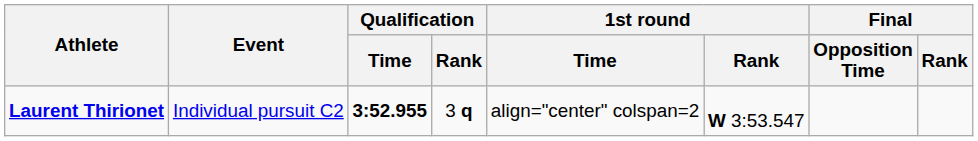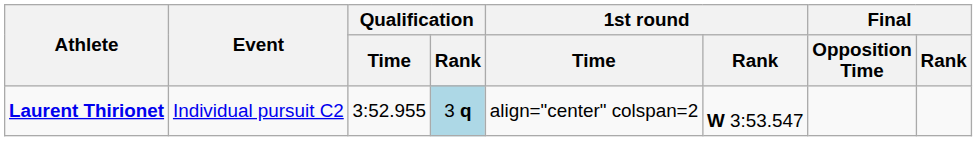 <table class=wikitable style="font-size:90%">
 <tr>
 <th rowspan="2">Athlete</th>
 <th rowspan="2">Event</th>
 <th colspan="2">Qualification</th>
 <th colspan="2">1st round</th>
 <th colspan="2">Final</th>
 </tr>
 <tr>
 <th>Time</th>
 <th>Rank</th>
 <th>Time</th>
 <th>Rank</th>
 <th>Opposition<br>Time</th>
 <th>Rank</th>
 </tr>
 <tr>
 <td><strong><a href='#'>Laurent Thirionet</a></strong></td>
 <td><a href='#'>Individual pursuit C2</a></td>
-<td align="center"><strong>3:52.955</strong></td>
-<td align="center">3 <strong>q</strong></td>
+<td align="center">3:52.955</td>
+<td align="center" style="background: lightblue;">3 <strong>q</strong></td>
 <td>align="center" colspan=2 </td>
 <td align="center"><br><strong>W</strong> 3:53.547</td>
 <td align="center"></td>
 </tr>
 </table>
